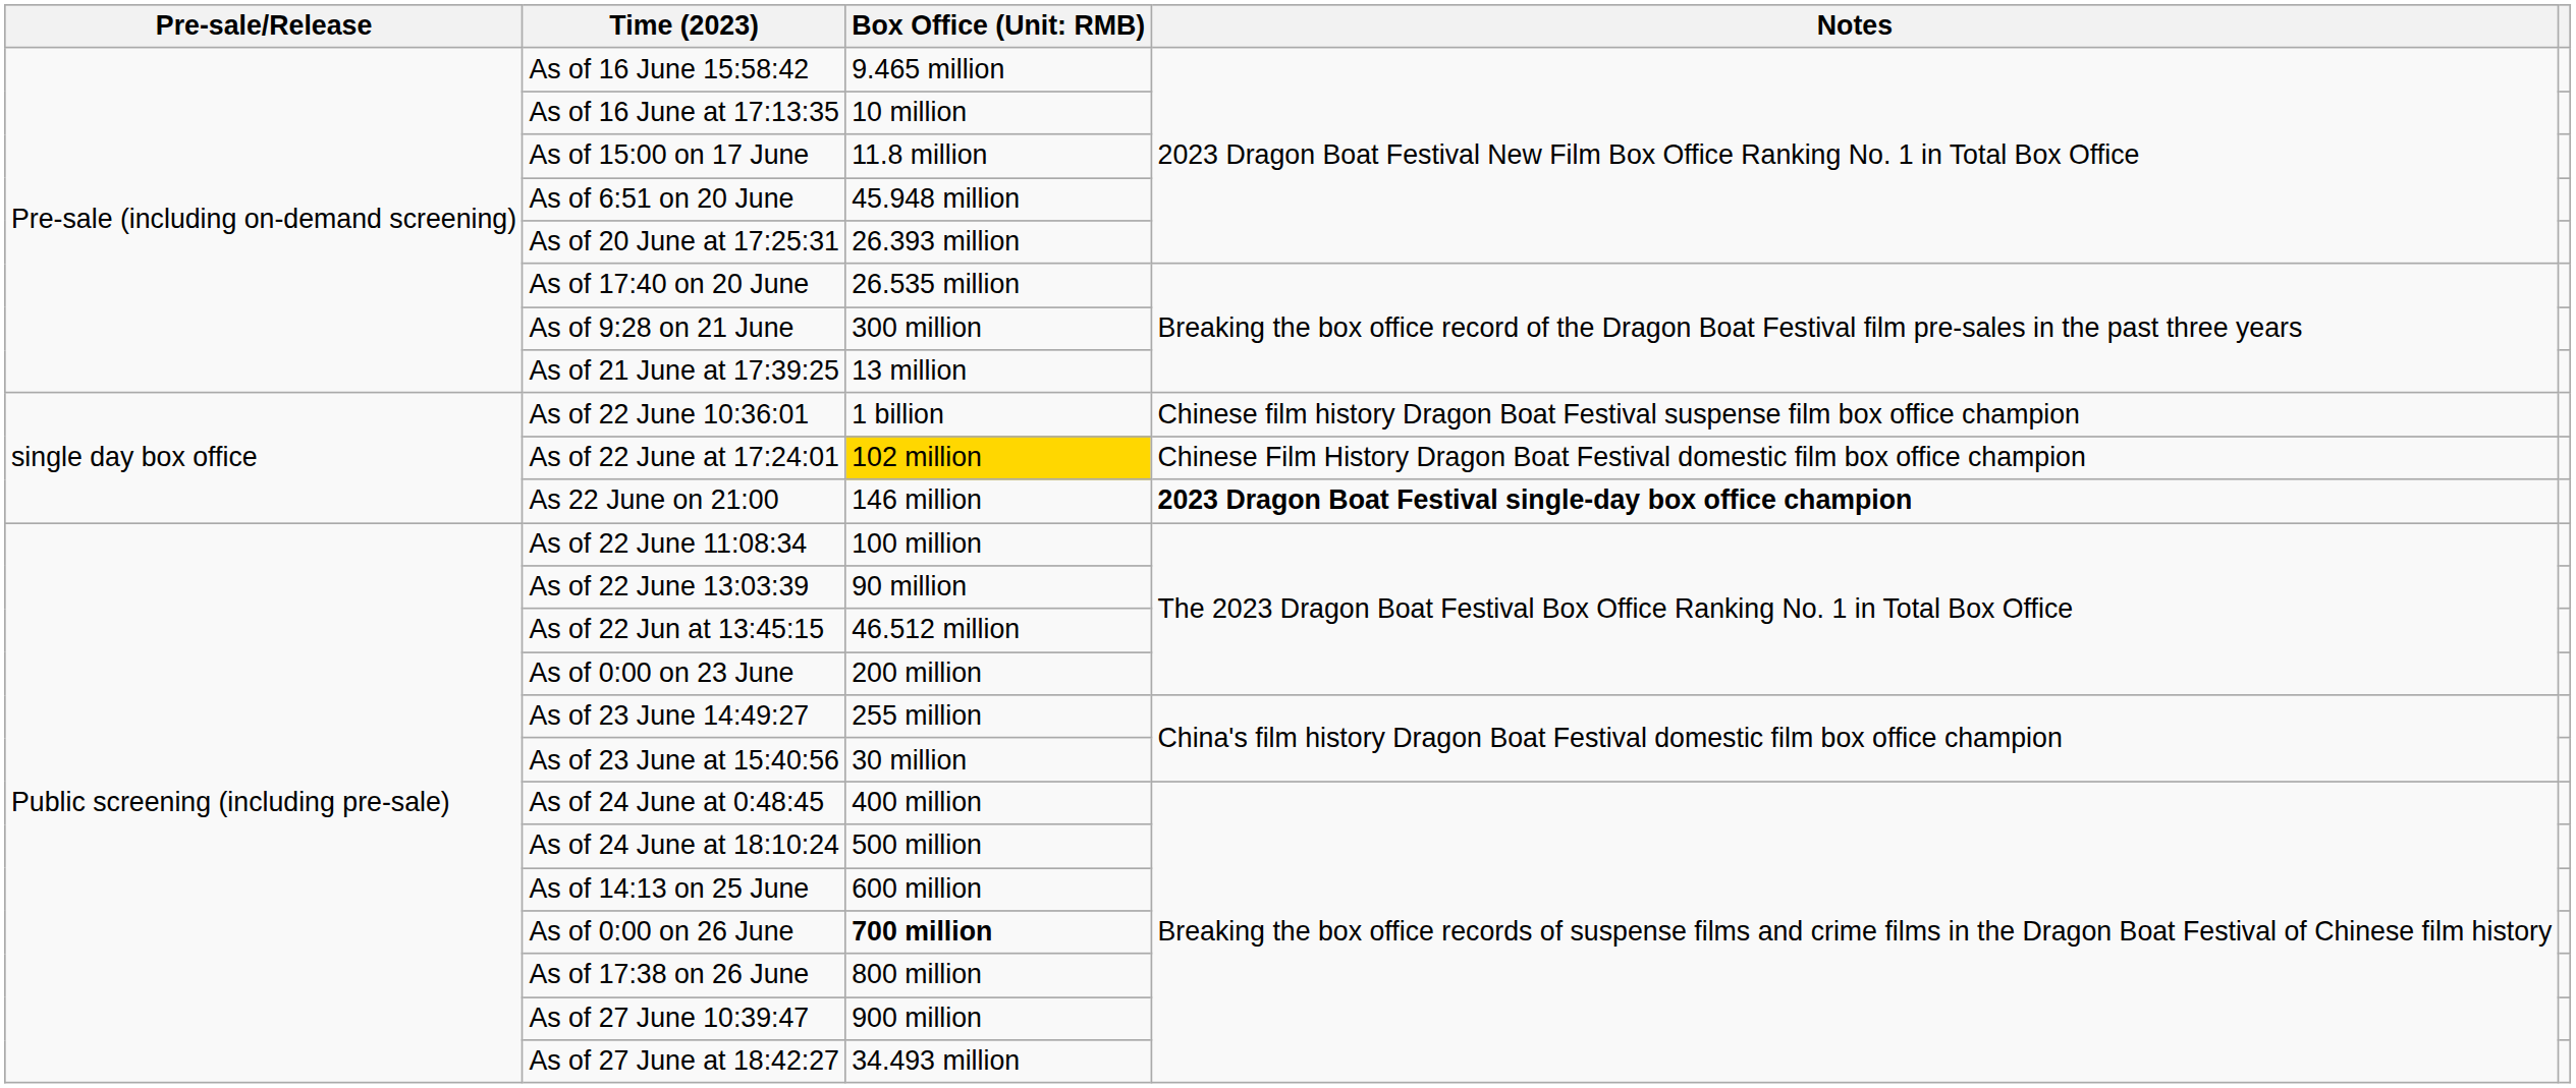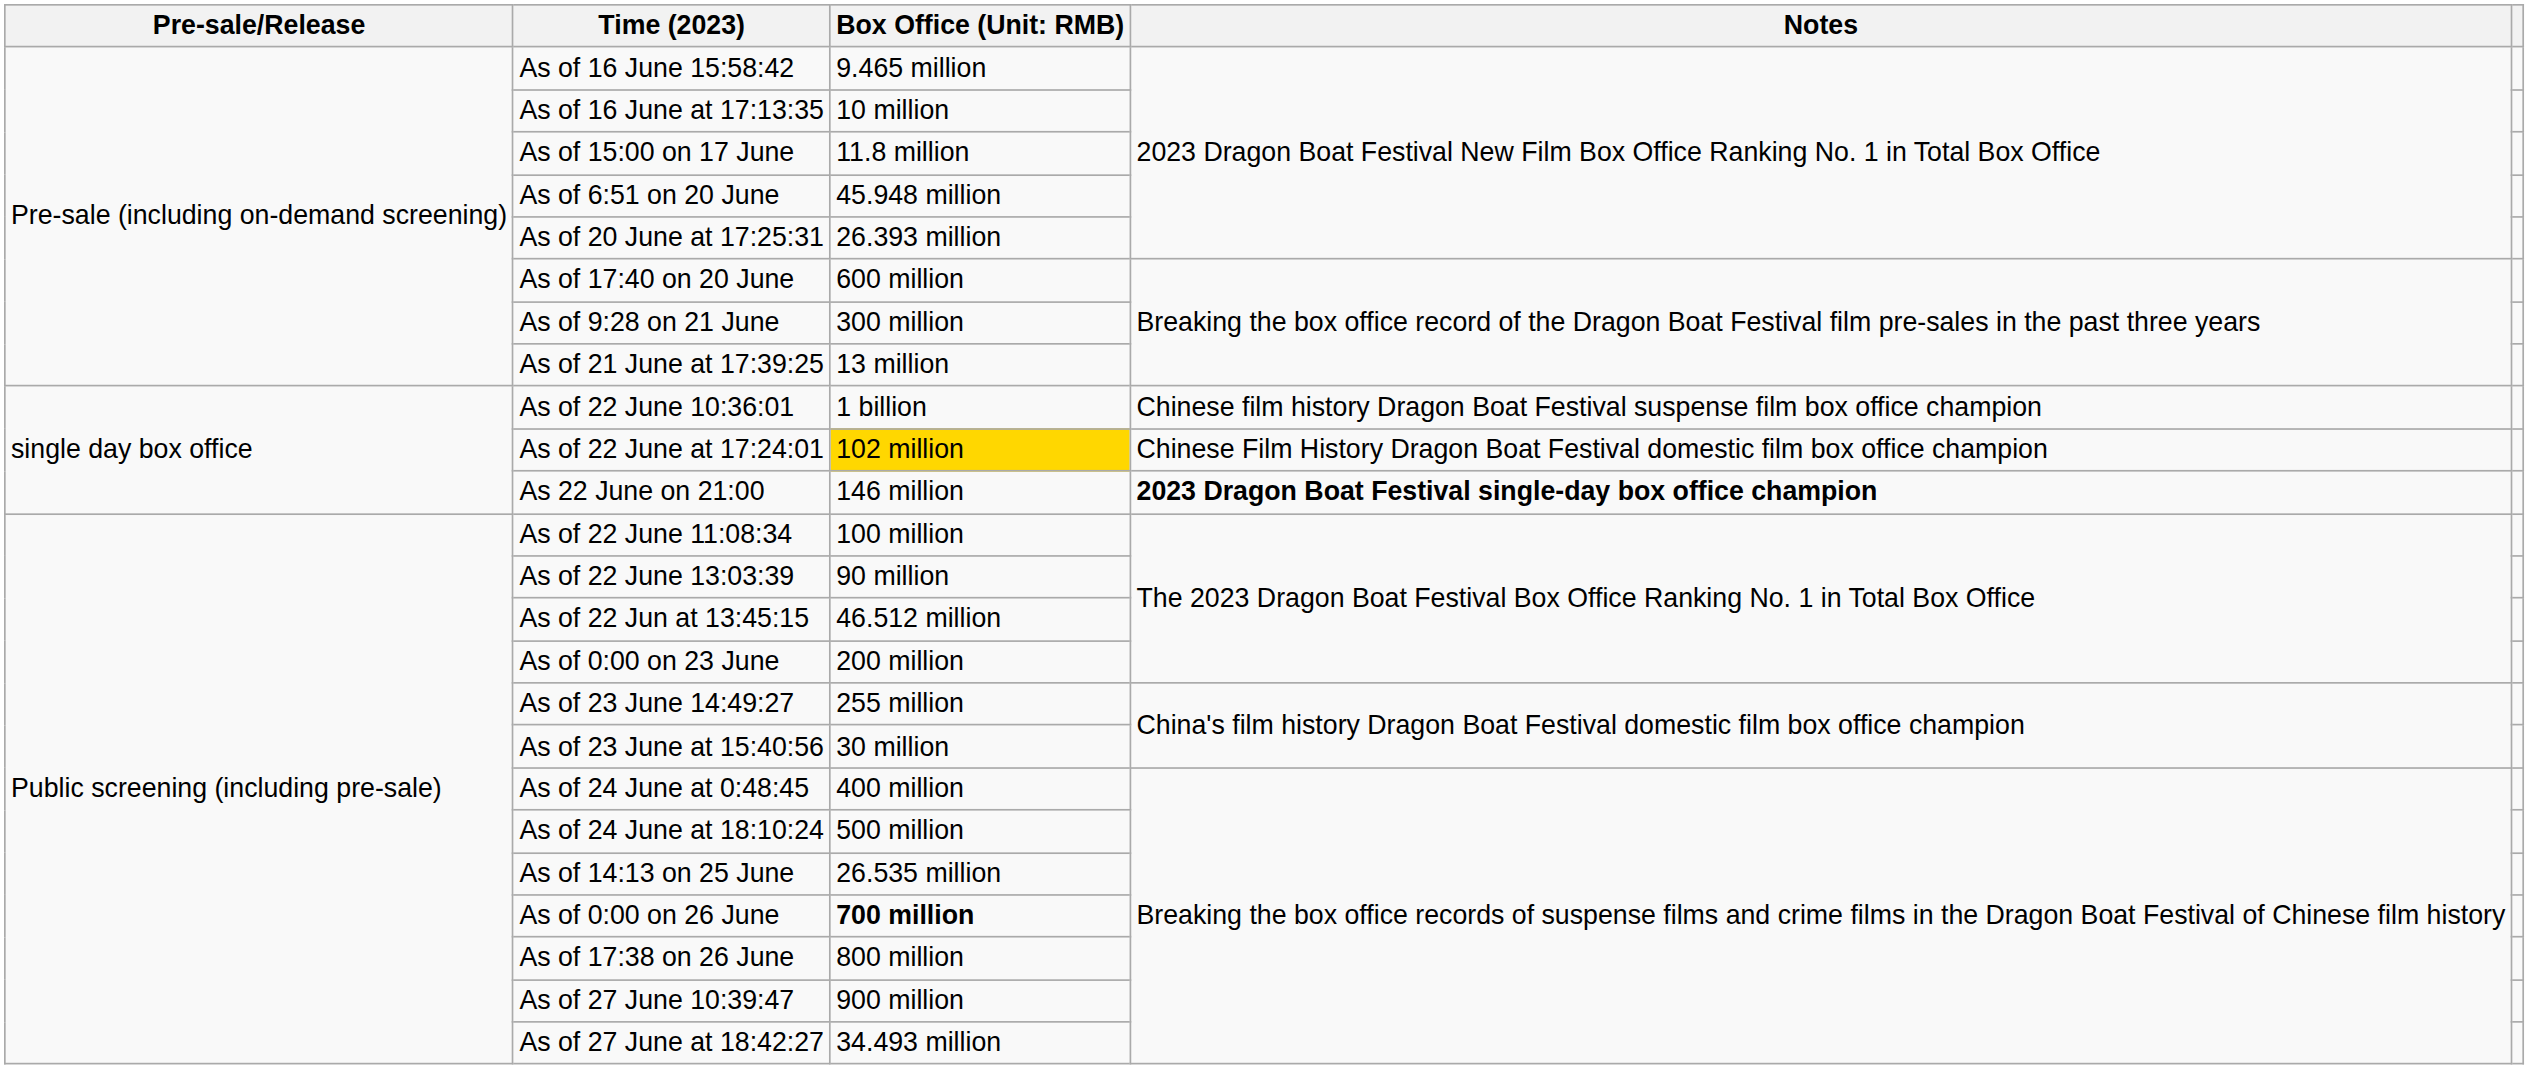 <table class="wikitable">
 <tr>
 <th>Pre-sale/Release</th>
 <th>Time (2023)</th>
 <th>Box Office (Unit: RMB)</th>
 <th>Notes</th>
 <th></th>
 </tr>
 <tr>
 <td rowspan="8">Pre-sale (including on-demand screening)</td>
 <td>As of 16 June 15:58:42</td>
 <td>9.465 million</td>
 <td rowspan="5">2023 Dragon Boat Festival New Film Box Office Ranking No. 1 in Total Box Office</td>
 <td></td>
 </tr>
 <tr>
 <td>As of 16 June at 17:13:35</td>
 <td>10 million</td>
 <td></td>
 </tr>
 <tr>
 <td>As of 15:00 on 17 June</td>
 <td>11.8 million</td>
 <td></td>
 </tr>
 <tr>
 <td>As of 6:51 on 20 June</td>
 <td>45.948 million</td>
 <td></td>
 </tr>
 <tr>
 <td>As of 20 June at 17:25:31</td>
 <td>26.393 million</td>
 <td></td>
 </tr>
 <tr>
 <td>As of 17:40 on 20 June</td>
-<td>26.535 million</td>
+<td>600 million</td>
 <td rowspan="3">Breaking the box office record of the Dragon Boat Festival film pre-sales in the past three years</td>
 <td></td>
 </tr>
 <tr>
 <td>As of 9:28 on 21 June</td>
 <td>300 million</td>
 <td></td>
 </tr>
 <tr>
 <td>As of 21 June at 17:39:25</td>
 <td>13 million</td>
 <td></td>
 </tr>
 <tr>
 <td rowspan="3">single day box office</td>
 <td>As of 22 June 10:36:01</td>
 <td>1 billion</td>
 <td>Chinese film history Dragon Boat Festival suspense film box office champion</td>
 <td></td>
 </tr>
 <tr>
 <td>As of 22 June at 17:24:01</td>
 <td style="background: gold;">102 million</td>
 <td>Chinese Film History Dragon Boat Festival domestic film box office champion</td>
 <td></td>
 </tr>
 <tr>
 <td>As 22 June on 21:00</td>
 <td>146 million</td>
 <td><strong>2023 Dragon Boat Festival single-day box office champion</strong></td>
 <td></td>
 </tr>
 <tr>
 <td rowspan="13">Public screening (including pre-sale)</td>
 <td>As of 22 June 11:08:34</td>
 <td>100 million</td>
 <td rowspan="4">The 2023 Dragon Boat Festival Box Office Ranking No. 1 in Total Box Office</td>
 <td></td>
 </tr>
 <tr>
 <td>As of 22 June 13:03:39</td>
 <td>90 million</td>
 <td></td>
 </tr>
 <tr>
 <td>As of 22 Jun at 13:45:15</td>
 <td>46.512 million</td>
 <td></td>
 </tr>
 <tr>
 <td>As of 0:00 on 23 June</td>
 <td>200 million</td>
 <td></td>
 </tr>
 <tr>
 <td>As of 23 June 14:49:27</td>
 <td>255 million</td>
 <td rowspan="2">China's film history Dragon Boat Festival domestic film box office champion</td>
 <td></td>
 </tr>
 <tr>
 <td>As of 23 June at 15:40:56</td>
 <td>30 million</td>
 <td></td>
 </tr>
 <tr>
 <td>As of 24 June at 0:48:45</td>
 <td>400 million</td>
 <td rowspan="7">Breaking the box office records of suspense films and crime films in the Dragon Boat Festival of Chinese film history</td>
 <td></td>
 </tr>
 <tr>
 <td>As of 24 June at 18:10:24</td>
 <td>500 million</td>
 <td></td>
 </tr>
 <tr>
 <td>As of 14:13 on 25 June</td>
-<td>600 million</td>
+<td>26.535 million</td>
 <td></td>
 </tr>
 <tr>
 <td>As of 0:00 on 26 June</td>
 <td><strong>700 million</strong></td>
 <td></td>
 </tr>
 <tr>
 <td>As of 17:38 on 26 June</td>
 <td>800 million</td>
 <td></td>
 </tr>
 <tr>
 <td>As of 27 June 10:39:47</td>
 <td>900 million</td>
 <td></td>
 </tr>
 <tr>
 <td>As of 27 June at 18:42:27</td>
 <td>34.493 million</td>
 <td></td>
 </tr>
 </table>
